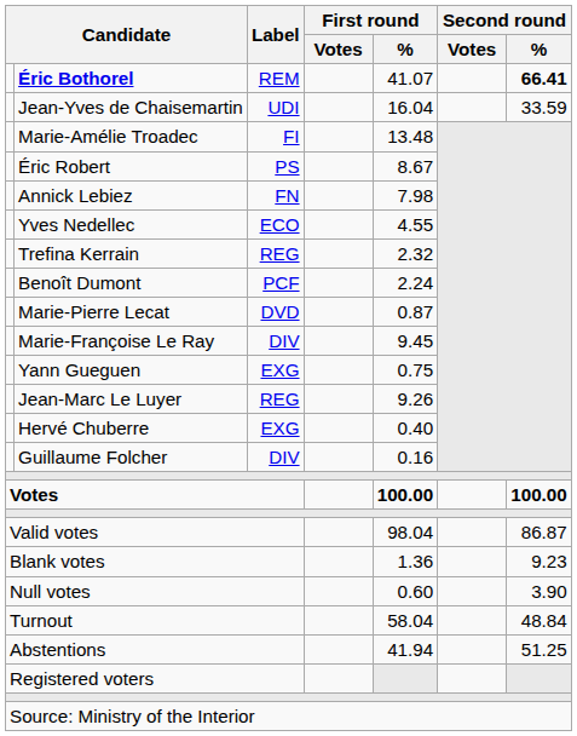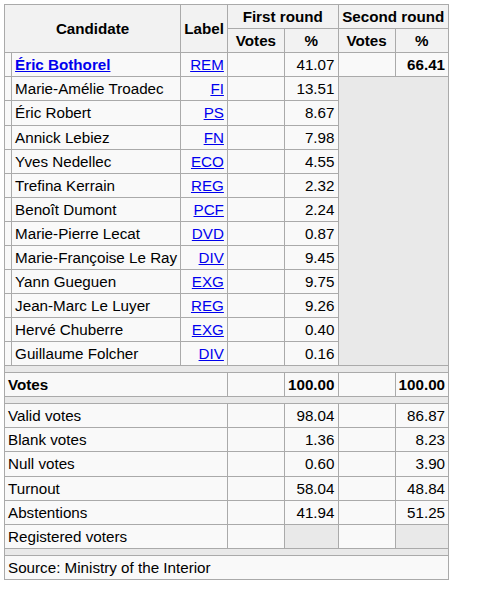 <table class="wikitable" style="text-align:right;font-size:95%;">
 <tr>
 <th rowspan="2" colspan="2">Candidate</th>
 <th rowspan="2">Label</th>
 <th colspan="2">First round</th>
 <th colspan="2">Second round</th>
 </tr>
 <tr>
 <th style="width:50px;">Votes</th>
 <th style="width:45px;">%</th>
 <th style="width:50px;">Votes</th>
 <th style="width:45px;">%</th>
 </tr>
 <tr>
 <td style="color:inherit;background:"></td>
 <td style="text-align:left;"><strong><a href='#'>Éric Bothorel</a></strong></td>
 <td><a href='#'>REM</a></td>
 <td></td>
 <td>41.07</td>
 <td><strong></strong></td>
 <td><strong>66.41</strong></td>
 </tr>
 <tr>
 <td style="color:inherit;background:"></td>
-<td style="text-align:left;">Jean-Yves de Chaisemartin</td>
-<td><a href='#'>UDI</a></td>
-<td></td>
-<td>16.04</td>
-<td></td>
-<td>33.59</td>
-</tr>
-<tr>
-<td style="color:inherit;background:"></td>
 <td style="text-align:left;">Marie-Amélie Troadec</td>
 <td><a href='#'>FI</a></td>
 <td></td>
-<td>13.48</td>
+<td>13.51</td>
 <td colspan="2" rowspan="12" style="background:#E9E9E9;"></td>
 </tr>
 <tr>
 <td style="color:inherit;background:"></td>
 <td style="text-align:left;">Éric Robert</td>
 <td><a href='#'>PS</a></td>
 <td></td>
 <td>8.67</td>
 </tr>
 <tr>
 <td style="color:inherit;background:"></td>
 <td style="text-align:left;">Annick Lebiez</td>
 <td><a href='#'>FN</a></td>
 <td></td>
 <td>7.98</td>
 </tr>
 <tr>
 <td style="color:inherit;background:"></td>
 <td style="text-align:left;">Yves Nedellec</td>
 <td><a href='#'>ECO</a></td>
 <td></td>
 <td>4.55</td>
 </tr>
 <tr>
 <td style="color:inherit;background:"></td>
 <td style="text-align:left;">Trefina Kerrain</td>
 <td><a href='#'>REG</a></td>
 <td></td>
 <td>2.32</td>
 </tr>
 <tr>
 <td style="color:inherit;background:"></td>
 <td style="text-align:left;">Benoît Dumont</td>
 <td><a href='#'>PCF</a></td>
 <td></td>
 <td>2.24</td>
 </tr>
 <tr>
 <td style="color:inherit;background:"></td>
 <td style="text-align:left;">Marie-Pierre Lecat</td>
 <td><a href='#'>DVD</a></td>
 <td></td>
 <td>0.87</td>
 </tr>
 <tr>
 <td style="color:inherit;background:"></td>
 <td style="text-align:left;">Marie-Françoise Le Ray</td>
 <td><a href='#'>DIV</a></td>
 <td></td>
 <td>9.45</td>
 </tr>
 <tr>
 <td style="color:inherit;background:"></td>
 <td style="text-align:left;">Yann Gueguen</td>
 <td><a href='#'>EXG</a></td>
 <td></td>
-<td>0.75</td>
+<td>9.75</td>
 </tr>
 <tr>
 <td style="color:inherit;background:"></td>
 <td style="text-align:left;">Jean-Marc Le Luyer</td>
 <td><a href='#'>REG</a></td>
 <td></td>
 <td>9.26</td>
 </tr>
 <tr>
 <td style="color:inherit;background:"></td>
 <td style="text-align:left;">Hervé Chuberre</td>
 <td><a href='#'>EXG</a></td>
 <td></td>
 <td>0.40</td>
 </tr>
 <tr>
 <td style="color:inherit;background:"></td>
 <td style="text-align:left;">Guillaume Folcher</td>
 <td><a href='#'>DIV</a></td>
 <td></td>
 <td>0.16</td>
 </tr>
 <tr>
 <td colspan="7" style="background:#E9E9E9;"></td>
 </tr>
 <tr style="font-weight:bold;">
 <td colspan="3" style="text-align:left;">Votes</td>
 <td></td>
 <td>100.00</td>
 <td></td>
 <td>100.00</td>
 </tr>
 <tr>
 <td colspan="7" style="background:#E9E9E9;"></td>
 </tr>
 <tr>
 <td colspan="3" style="text-align:left;">Valid votes</td>
 <td></td>
 <td>98.04</td>
 <td></td>
 <td>86.87</td>
 </tr>
 <tr>
 <td colspan="3" style="text-align:left;">Blank votes</td>
 <td></td>
 <td>1.36</td>
 <td></td>
-<td>9.23</td>
+<td>8.23</td>
 </tr>
 <tr>
 <td colspan="3" style="text-align:left;">Null votes</td>
 <td></td>
 <td>0.60</td>
 <td></td>
 <td>3.90</td>
 </tr>
 <tr>
 <td colspan="3" style="text-align:left;">Turnout</td>
 <td></td>
 <td>58.04</td>
 <td></td>
 <td>48.84</td>
 </tr>
 <tr>
 <td colspan="3" style="text-align:left;">Abstentions</td>
 <td></td>
 <td>41.94</td>
 <td></td>
 <td>51.25</td>
 </tr>
 <tr>
 <td colspan="3" style="text-align:left;">Registered voters</td>
 <td></td>
 <td style="color:inherit;background:#E9E9E9;"></td>
 <td></td>
 <td style="color:inherit;background:#E9E9E9;"></td>
 </tr>
 <tr>
 <td colspan="7" style="background:#E9E9E9;"></td>
 </tr>
 <tr>
 <td colspan="7" style="text-align:left;">Source: Ministry of the Interior<br></td>
 </tr>
 </table>
